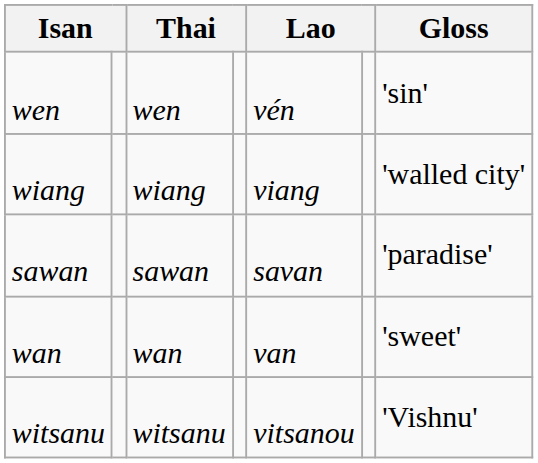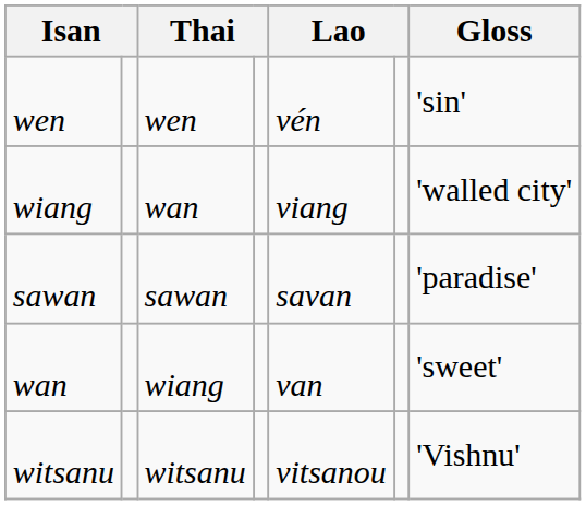 <table class="wikitable">
 <tr>
 <th colspan="2">Isan</th>
 <th colspan="2">Thai</th>
 <th colspan="2">Lao</th>
 <th>Gloss</th>
 </tr>
 <tr>
 <td><br><em>wen</em></td>
 <td></td>
 <td><br><em>wen</em></td>
 <td></td>
 <td><br><em>vén</em></td>
 <td></td>
 <td>'sin'</td>
 </tr>
 <tr>
 <td><br><em>wiang</em></td>
 <td></td>
-<td><br><em>wiang</em></td>
+<td><br><em>wan</em></td>
 <td></td>
 <td><br><em>viang</em></td>
 <td></td>
 <td>'walled city'</td>
 </tr>
 <tr>
 <td><br><em>sawan</em></td>
 <td></td>
 <td><br><em>sawan</em></td>
 <td></td>
 <td><br><em>savan</em></td>
 <td></td>
 <td>'paradise'</td>
 </tr>
 <tr>
 <td><br><em>wan</em></td>
 <td></td>
-<td><br><em>wan</em></td>
+<td><br><em>wiang</em></td>
 <td></td>
 <td><br><em>van</em></td>
 <td></td>
 <td>'sweet'</td>
 </tr>
 <tr>
 <td><br><em>witsanu</em></td>
 <td></td>
 <td><br><em>witsanu</em></td>
 <td></td>
 <td><br><em>vitsanou</em></td>
 <td></td>
 <td>'Vishnu'</td>
 </tr>
 </table>
